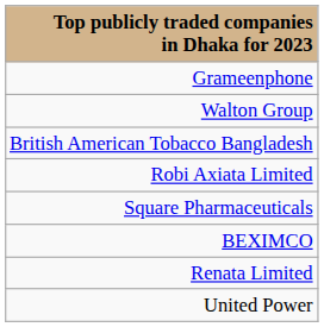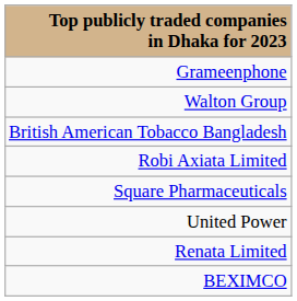 <table class="wikitable"  style="float:right; font-size:90%; text-align:right">
 <tr>
 <td colspan="1" bgcolor="tan"><strong>Top publicly traded companies<br> in Dhaka for 2023</strong></td>
 </tr>
 <tr>
 <td><a href='#'>Grameenphone</a></td>
 </tr>
 <tr>
 <td><a href='#'>Walton Group</a></td>
 </tr>
 <tr>
 <td><a href='#'>British American Tobacco Bangladesh</a></td>
 </tr>
 <tr>
 <td><a href='#'>Robi Axiata Limited</a></td>
 </tr>
 <tr>
 <td><a href='#'>Square Pharmaceuticals</a></td>
 </tr>
 <tr>
-<td><a href='#'>BEXIMCO</a></td>
+<td>United Power</td>
 </tr>
 <tr>
 <td><a href='#'>Renata Limited</a></td>
 </tr>
 <tr>
-<td>United Power</td>
+<td><a href='#'>BEXIMCO</a></td>
 </tr>
 </table>
